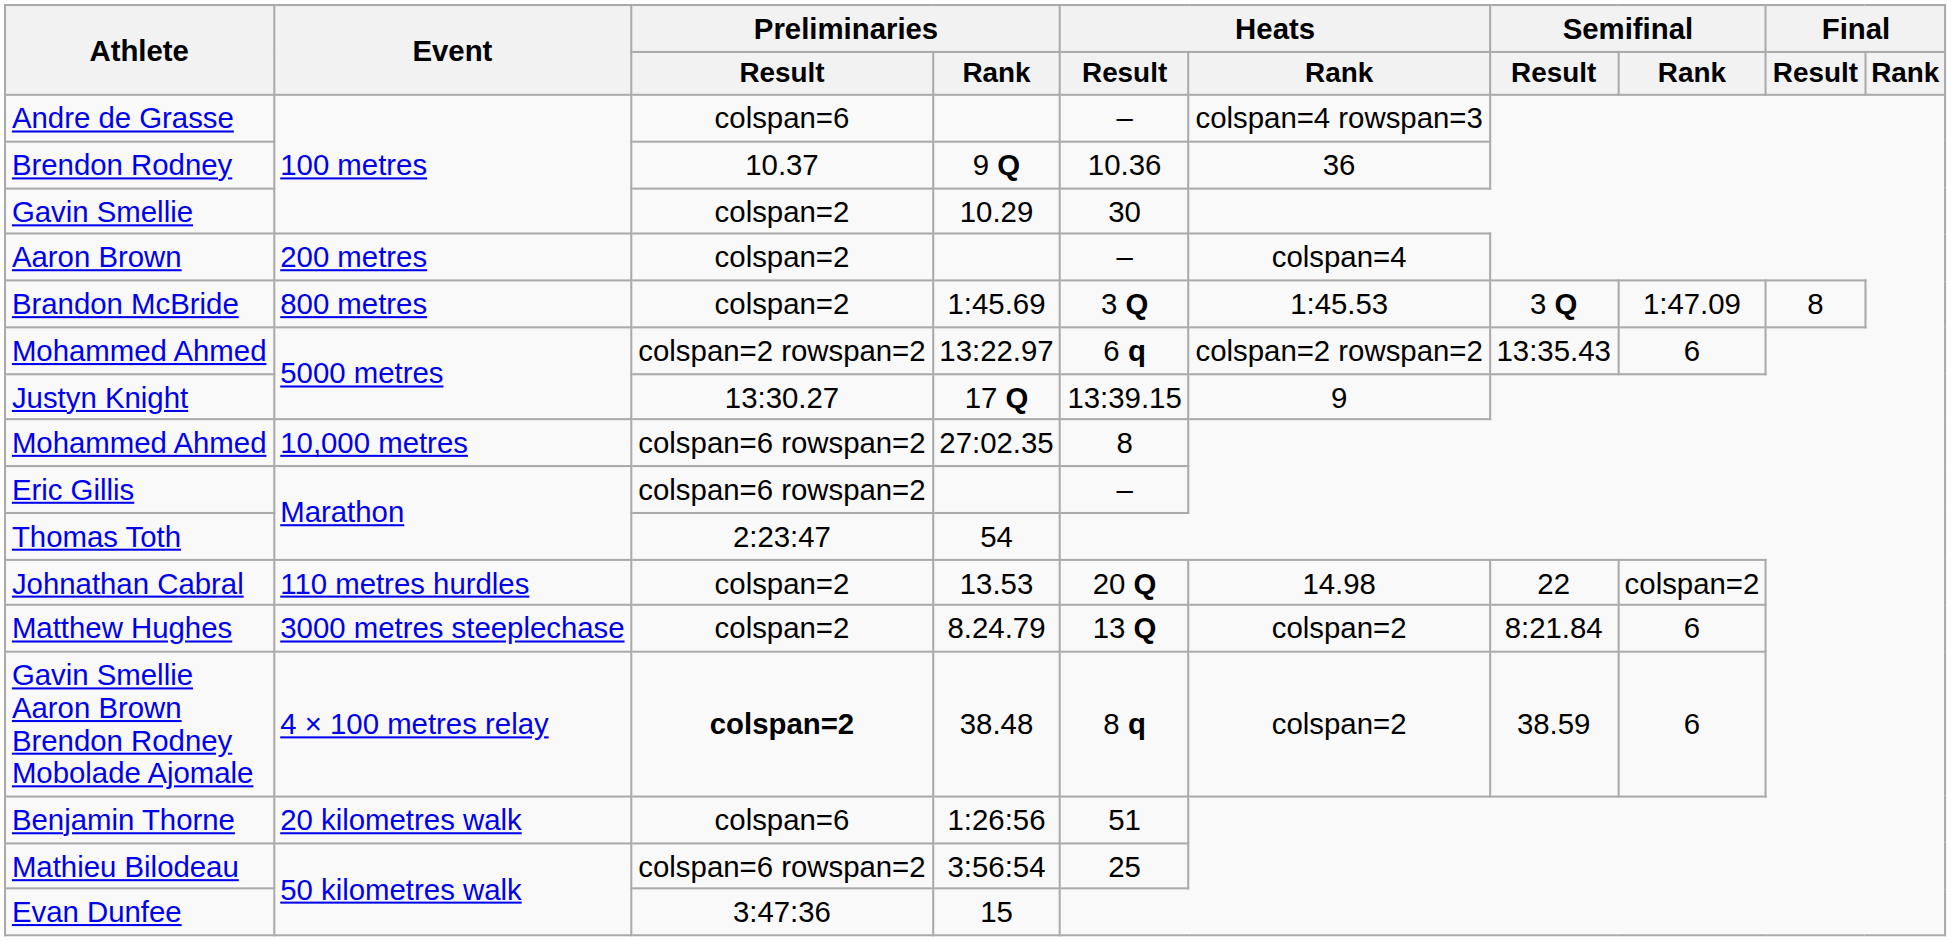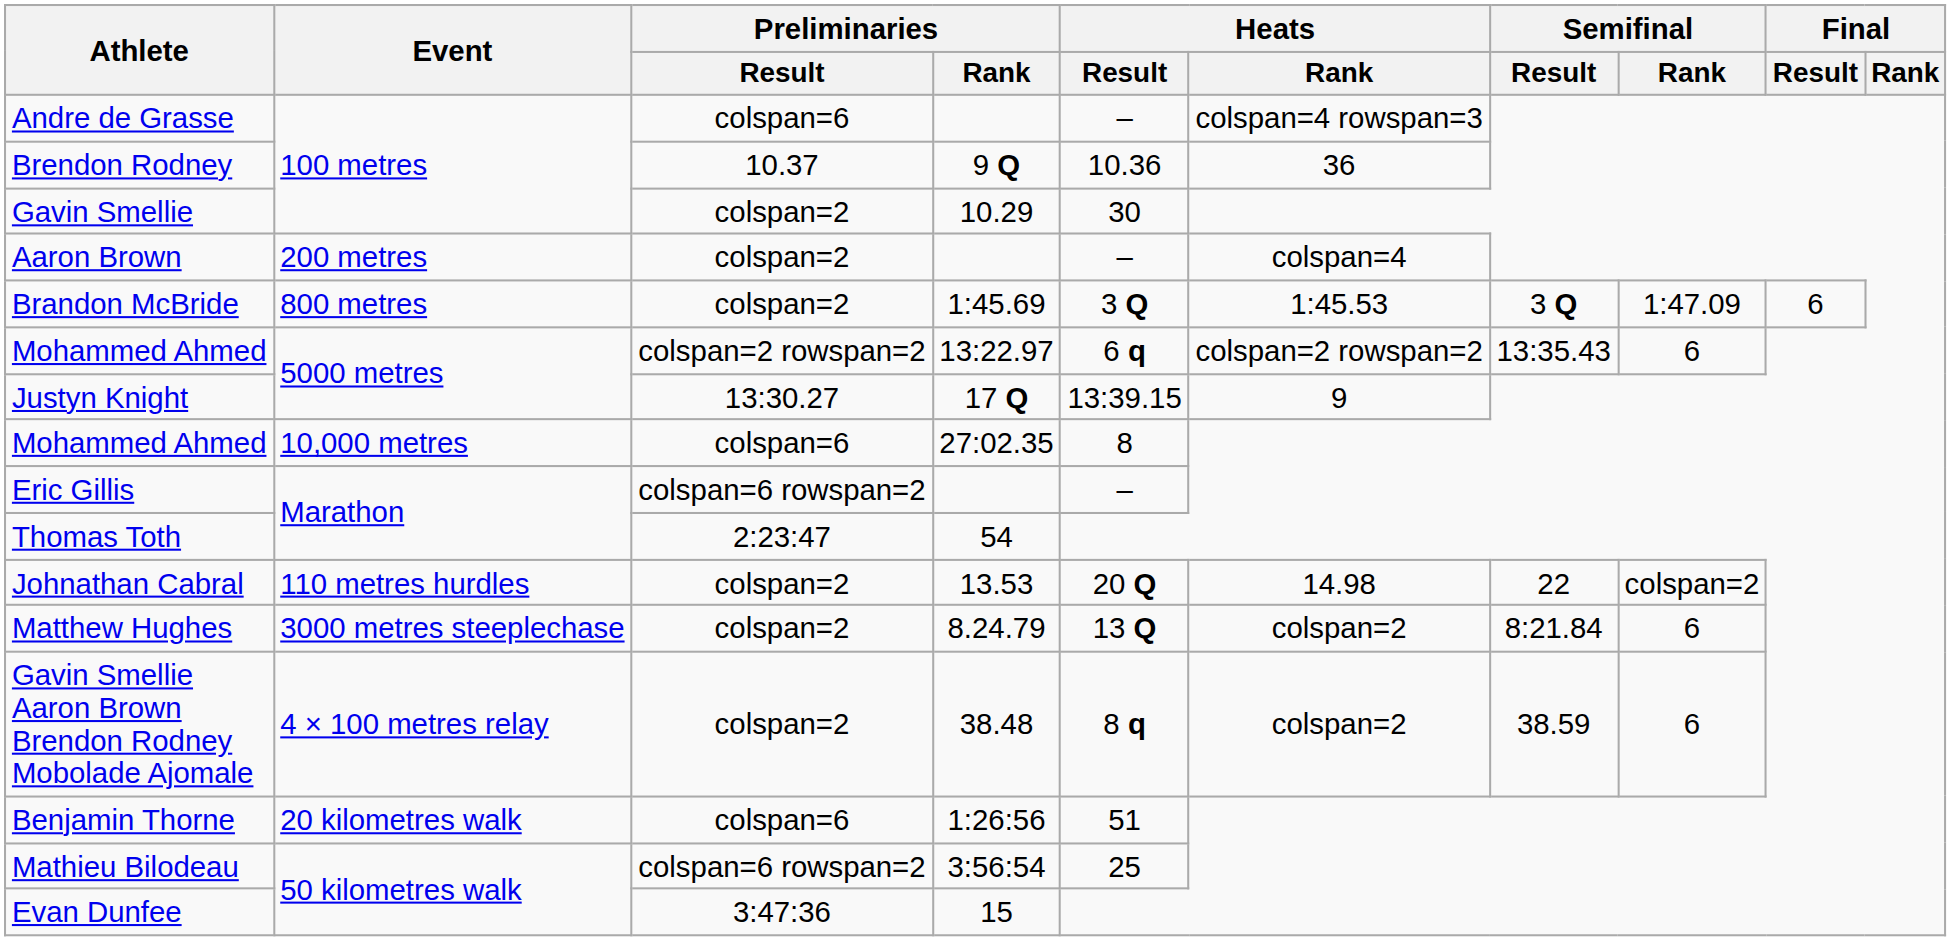 <table class=wikitable style=font-size:90%>
 <tr>
 <th rowspan=2>Athlete</th>
 <th rowspan=2>Event</th>
 <th colspan=2>Preliminaries</th>
 <th colspan=2>Heats</th>
 <th colspan=2>Semifinal</th>
 <th colspan=2>Final</th>
 </tr>
 <tr style=font-size:95%>
 <th>Result</th>
 <th>Rank</th>
 <th>Result</th>
 <th>Rank</th>
 <th>Result</th>
 <th>Rank</th>
 <th>Result</th>
 <th>Rank</th>
 </tr>
 <tr align=center>
 <td align=left><a href='#'>Andre de Grasse</a></td>
 <td align=left rowspan=3><a href='#'>100 metres</a></td>
 <td>colspan=6 </td>
 <td></td>
 <td>–</td>
 <td>colspan=4 rowspan=3 </td>
 </tr>
 <tr align=center>
 <td align=left><a href='#'>Brendon Rodney</a></td>
 <td>10.37</td>
 <td>9 <strong>Q</strong></td>
 <td>10.36</td>
 <td>36</td>
 </tr>
 <tr align=center>
 <td align=left><a href='#'>Gavin Smellie</a></td>
 <td>colspan=2 </td>
 <td>10.29</td>
 <td>30</td>
 </tr>
 <tr align=center>
 <td align=left><a href='#'>Aaron Brown</a></td>
 <td align=left><a href='#'>200 metres</a></td>
 <td>colspan=2 </td>
 <td></td>
 <td>–</td>
 <td>colspan=4 </td>
 </tr>
 <tr align=center>
 <td align=left><a href='#'>Brandon McBride</a></td>
 <td align=left><a href='#'>800 metres</a></td>
 <td>colspan=2 </td>
 <td>1:45.69</td>
 <td>3 <strong>Q</strong></td>
 <td>1:45.53</td>
 <td>3 <strong>Q</strong></td>
 <td>1:47.09</td>
-<td>8</td>
+<td>6</td>
 </tr>
 <tr align=center>
 <td align=left><a href='#'>Mohammed Ahmed</a></td>
 <td align=left rowspan=2><a href='#'>5000 metres</a></td>
 <td>colspan=2 rowspan=2 </td>
 <td>13:22.97</td>
 <td>6 <strong>q</strong></td>
 <td>colspan=2 rowspan=2 </td>
 <td>13:35.43</td>
 <td>6</td>
 </tr>
 <tr align=center>
 <td align=left><a href='#'>Justyn Knight</a></td>
 <td>13:30.27</td>
 <td>17 <strong>Q</strong></td>
 <td>13:39.15</td>
 <td>9</td>
 </tr>
 <tr align=center>
 <td align=left><a href='#'>Mohammed Ahmed</a></td>
 <td align=left><a href='#'>10,000 metres</a></td>
-<td>colspan=6 rowspan=2 </td>
+<td>colspan=6 </td>
 <td>27:02.35 <strong></strong></td>
 <td>8</td>
 </tr>
 <tr align=center>
 <td align=left><a href='#'>Eric Gillis</a></td>
 <td align=left rowspan=2><a href='#'>Marathon</a></td>
 <td>colspan=6 rowspan=2 </td>
 <td></td>
 <td>–</td>
 </tr>
 <tr align=center>
 <td align=left><a href='#'>Thomas Toth</a></td>
 <td>2:23:47</td>
 <td>54</td>
 </tr>
 <tr align=center>
 <td align=left><a href='#'>Johnathan Cabral</a></td>
 <td align=left><a href='#'>110 metres hurdles</a></td>
 <td>colspan=2 </td>
 <td>13.53</td>
 <td>20 <strong>Q</strong></td>
 <td>14.98</td>
 <td>22</td>
 <td>colspan=2 </td>
 </tr>
 <tr align=center>
 <td align=left><a href='#'>Matthew Hughes</a></td>
 <td align=left><a href='#'>3000 metres steeplechase</a></td>
 <td>colspan=2 </td>
 <td>8.24.79 <strong></strong></td>
 <td>13 <strong>Q</strong></td>
 <td>colspan=2 </td>
 <td>8:21.84 <strong></strong></td>
 <td>6</td>
 </tr>
 <tr align=center>
 <td align=left><a href='#'>Gavin Smellie</a><br><a href='#'>Aaron Brown</a><br><a href='#'>Brendon Rodney</a><br><a href='#'>Mobolade Ajomale</a></td>
 <td align=left><a href='#'>4 × 100 metres relay</a></td>
-<td><strong>colspan=2 </strong></td>
+<td>colspan=2 </td>
 <td>38.48</td>
 <td>8 <strong>q</strong></td>
 <td>colspan=2 </td>
 <td>38.59</td>
 <td>6</td>
 </tr>
 <tr align=center>
 <td align=left><a href='#'>Benjamin Thorne</a></td>
 <td align=left><a href='#'>20 kilometres walk</a></td>
 <td>colspan=6 </td>
 <td>1:26:56</td>
 <td>51</td>
 </tr>
 <tr align=center>
 <td align=left><a href='#'>Mathieu Bilodeau</a></td>
 <td align=left rowspan=2><a href='#'>50 kilometres walk</a></td>
 <td>colspan=6 rowspan=2 </td>
 <td>3:56:54 <strong></strong></td>
 <td>25</td>
 </tr>
 <tr align=center>
 <td align=left><a href='#'>Evan Dunfee</a></td>
 <td>3:47:36</td>
 <td>15</td>
 </tr>
 </table>
